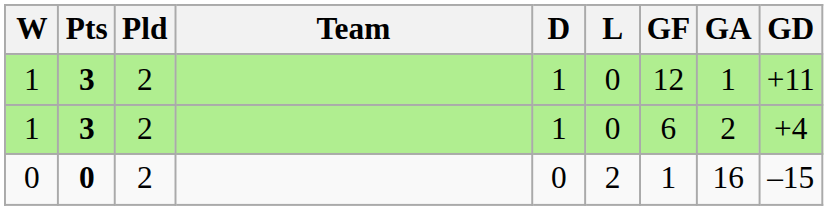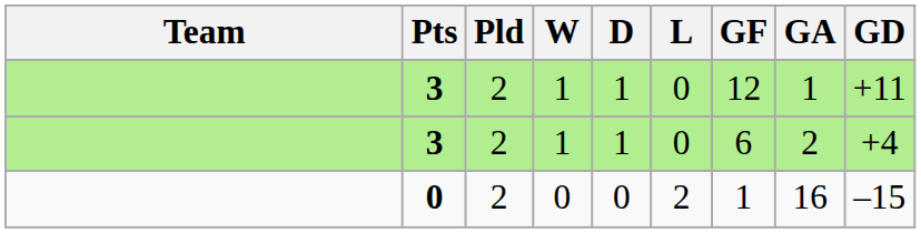 <table class="wikitable" style="text-align:center;">
 <tr>
-<th width=20  abbr="Won">W</th>
+<th width=175>Team</th>
 <th width=20  abbr="Points">Pts</th>
 <th width=20  abbr="Played">Pld</th>
-<th width=175>Team</th>
+<th width=20  abbr="Won">W</th>
 <th width=20  abbr="Drawn">D</th>
 <th width=20  abbr="Lost">L</th>
 <th width=20  abbr="Goals for">GF</th>
 <th width=20  abbr="Goals against">GA</th>
 <th width=25  abbr="Goal difference">GD</th>
 </tr>
 <tr style="background: #B0EE90;">
-<td>1</td>
+<td align=left></td>
 <td><strong>3</strong></td>
 <td>2</td>
-<td align=left></td>
+<td>1</td>
 <td>1</td>
 <td>0</td>
 <td>12</td>
 <td>1</td>
 <td>+11</td>
 </tr>
 <tr style="background: #B0EE90;">
-<td>1</td>
+<td align=left></td>
 <td><strong>3</strong></td>
 <td>2</td>
-<td align=left></td>
+<td>1</td>
 <td>1</td>
 <td>0</td>
 <td>6</td>
 <td>2</td>
 <td>+4</td>
 </tr>
 <tr>
-<td>0</td>
+<td align=left></td>
 <td><strong>0</strong></td>
 <td>2</td>
-<td align=left></td>
+<td>0</td>
 <td>0</td>
 <td>2</td>
 <td>1</td>
 <td>16</td>
 <td>–15</td>
 </tr>
 </table>
